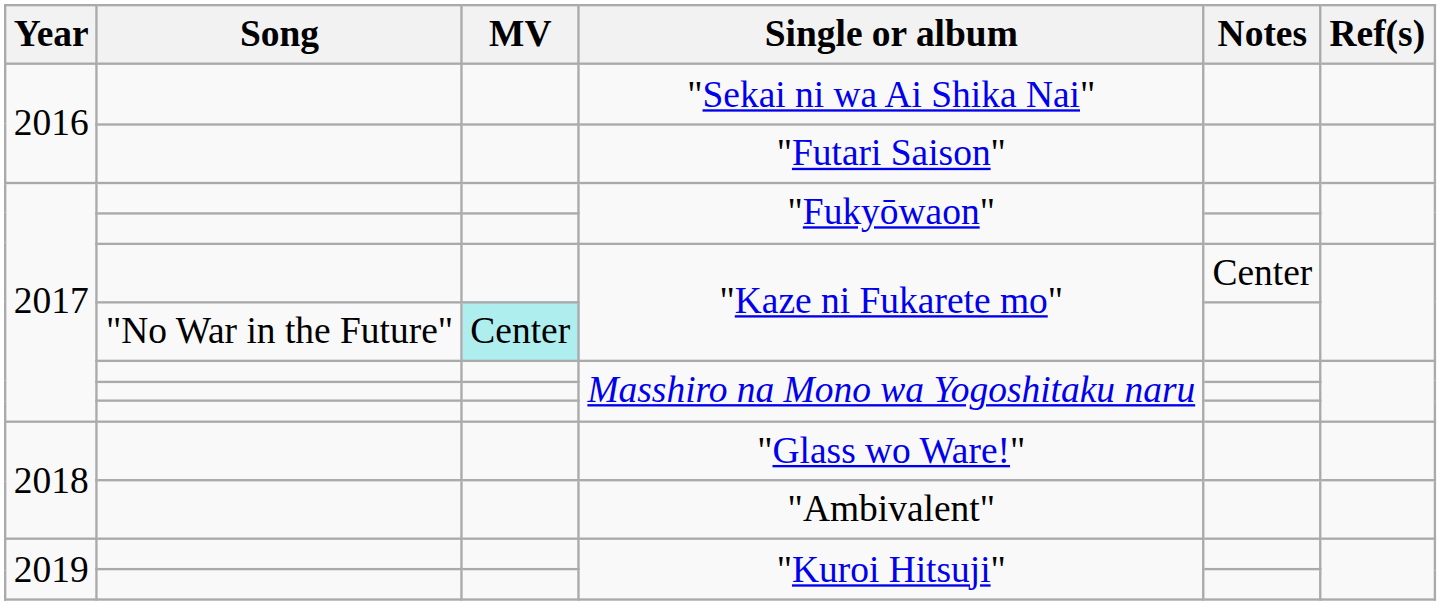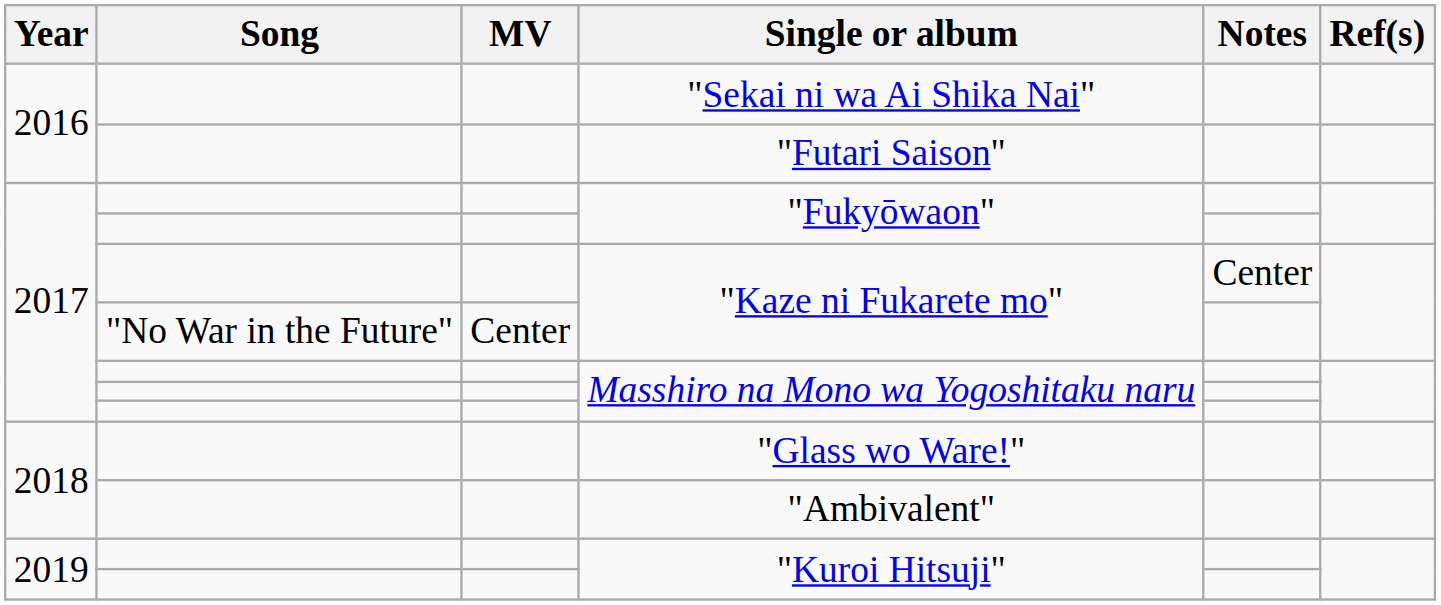 <table class="wikitable plainrowheaders" style="text-align:center;">
 <tr>
 <th>Year</th>
 <th>Song</th>
 <th>MV</th>
 <th>Single or album</th>
 <th>Notes</th>
 <th>Ref(s)</th>
 </tr>
 <tr>
 <td rowspan="2">2016</td>
 <td></td>
 <td></td>
 <td rowspan="1">"<a href='#'>Sekai ni wa Ai Shika Nai</a>"</td>
 <td></td>
 <td></td>
 </tr>
 <tr>
 <td></td>
 <td></td>
 <td rowspan="1">"<a href='#'>Futari Saison</a>"</td>
 <td></td>
 <td></td>
 </tr>
 <tr>
 <td rowspan="7">2017</td>
 <td></td>
 <td></td>
 <td rowspan="2">"<a href='#'>Fukyōwaon</a>"</td>
 <td></td>
 <td rowspan="2"></td>
 </tr>
 <tr>
 <td></td>
 <td></td>
 </tr>
 <tr>
 <td></td>
 <td></td>
 <td rowspan="2">"<a href='#'>Kaze ni Fukarete mo</a>"</td>
 <td>Center</td>
 <td rowspan="2"></td>
 </tr>
 <tr>
 <td>"No War in the Future"</td>
-<td style="background: paleturquoise;">Center</td>
+<td>Center</td>
 </tr>
 <tr>
 <td></td>
 <td></td>
 <td rowspan="3"><em><a href='#'>Masshiro na Mono wa Yogoshitaku naru</a></em></td>
 <td></td>
 <td rowspan="3"></td>
 </tr>
 <tr>
 <td></td>
 <td></td>
 <td></td>
 </tr>
 <tr>
 <td></td>
 <td></td>
 <td></td>
 </tr>
 <tr>
 <td rowspan="2">2018</td>
 <td></td>
 <td></td>
 <td rowspan="1">"<a href='#'>Glass wo Ware!</a>"</td>
 <td></td>
 <td></td>
 </tr>
 <tr>
 <td></td>
 <td></td>
 <td>"Ambivalent"</td>
 <td></td>
 <td></td>
 </tr>
 <tr>
 <td rowspan="2">2019</td>
 <td></td>
 <td></td>
 <td rowspan="2">"<a href='#'>Kuroi Hitsuji</a>"</td>
 <td></td>
 <td rowspan="2"></td>
 </tr>
 <tr>
 <td></td>
 <td></td>
 <td></td>
 </tr>
 </table>
